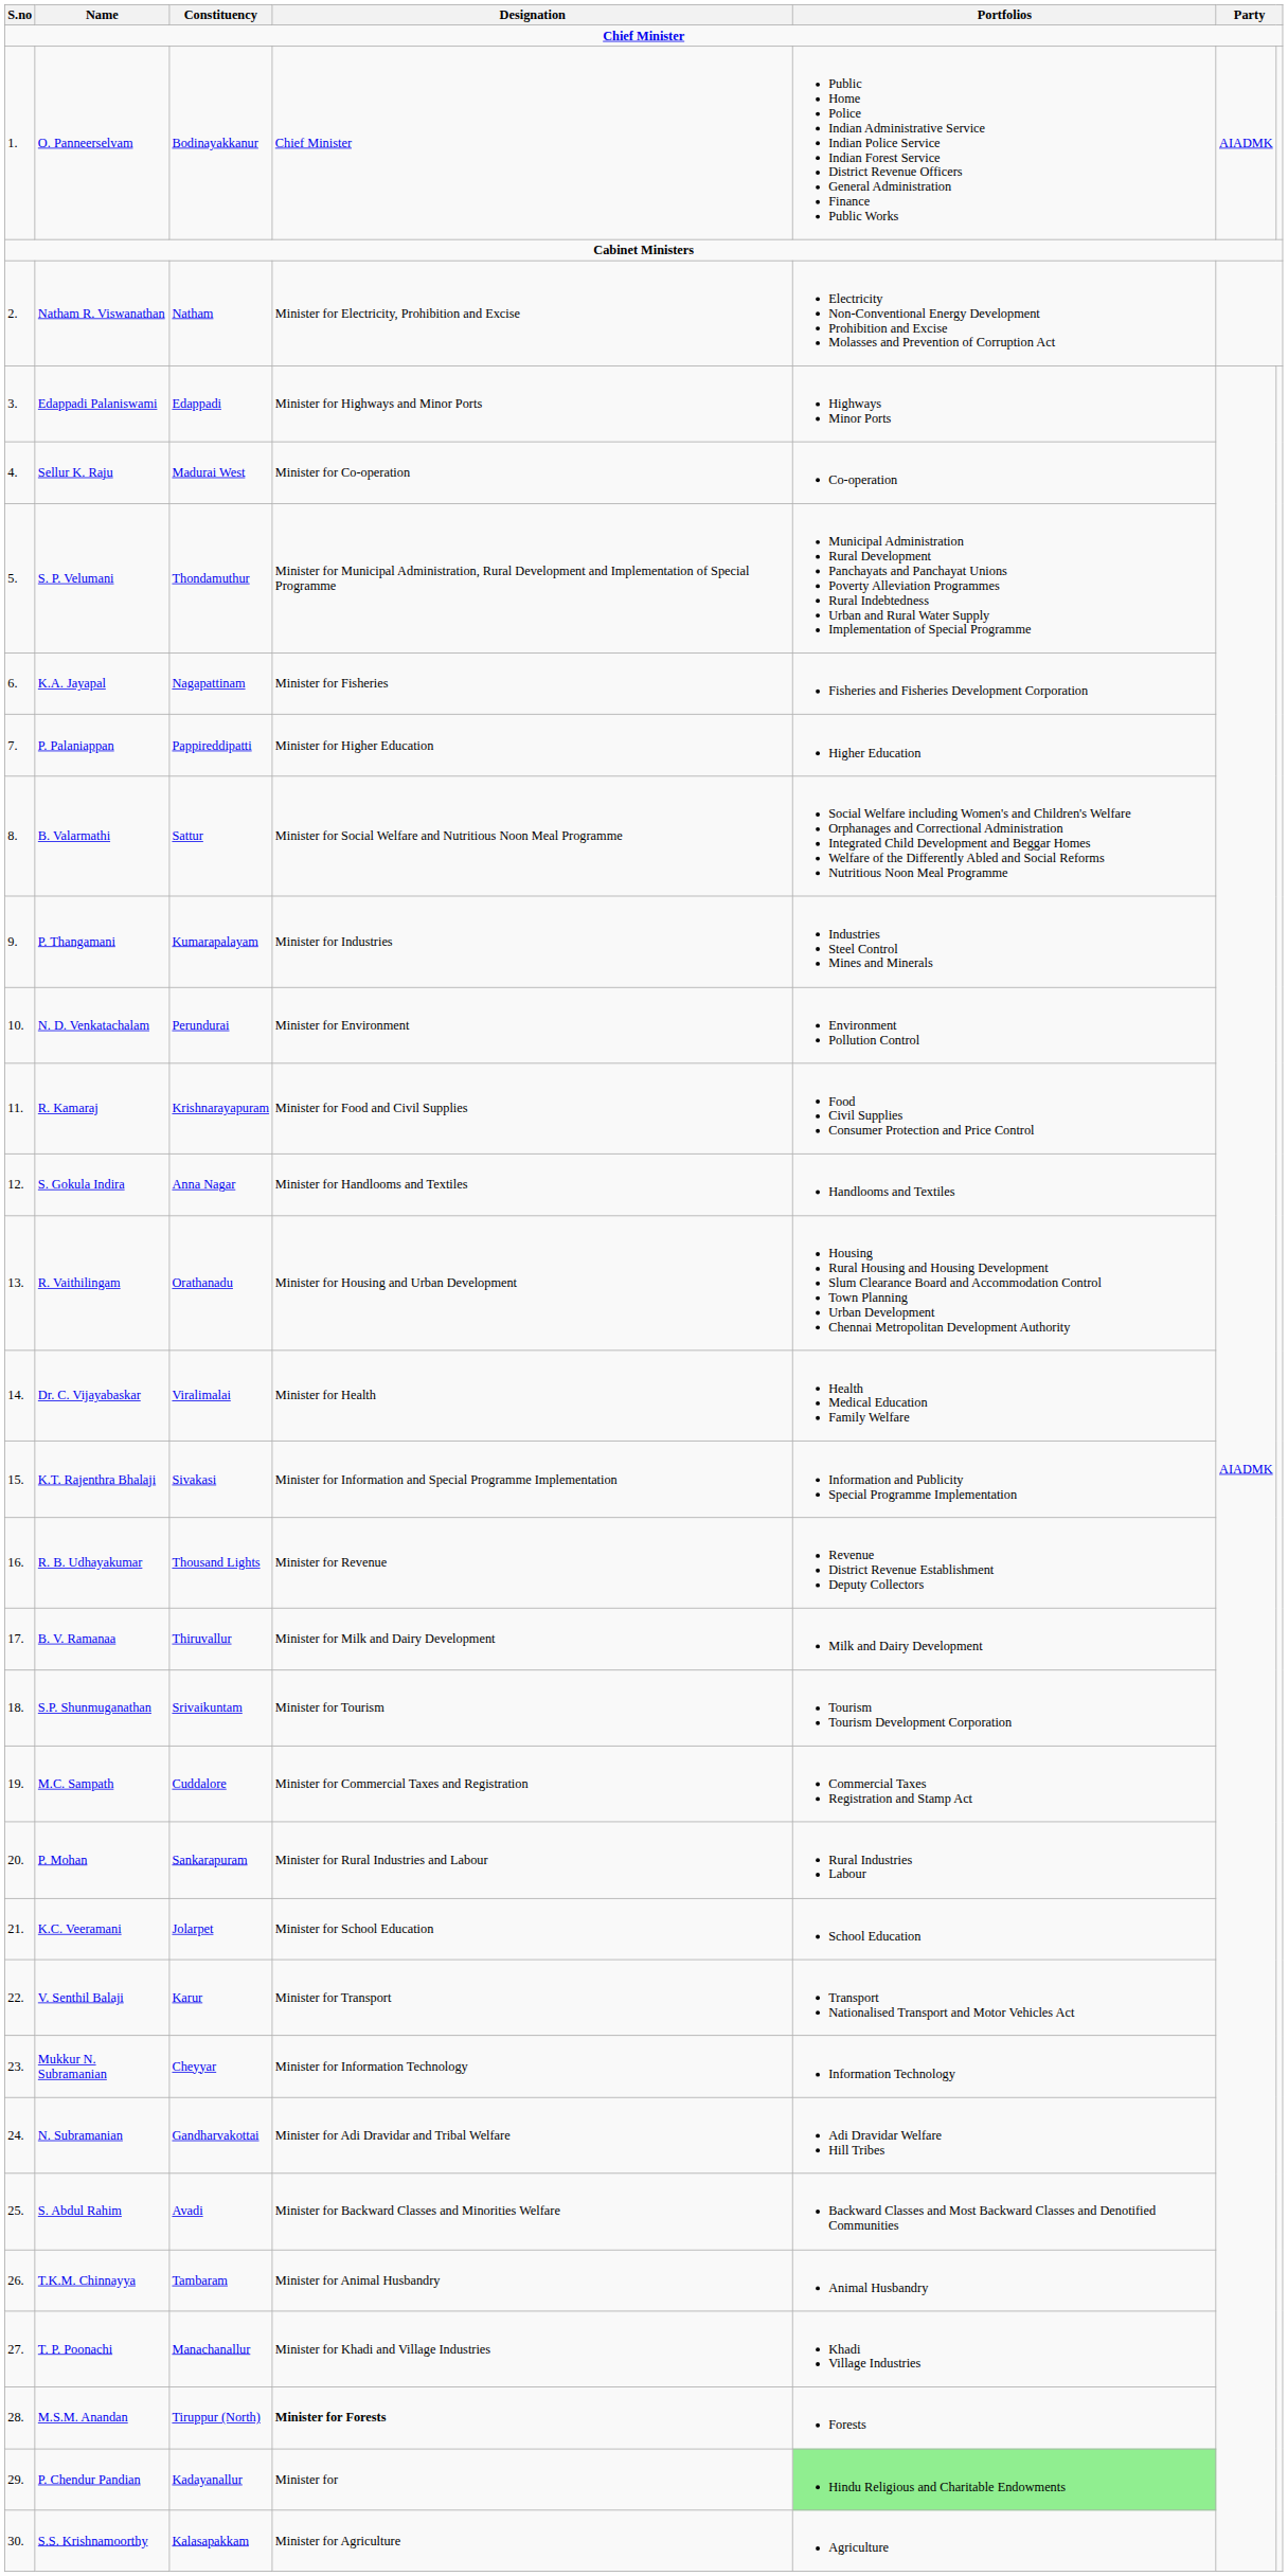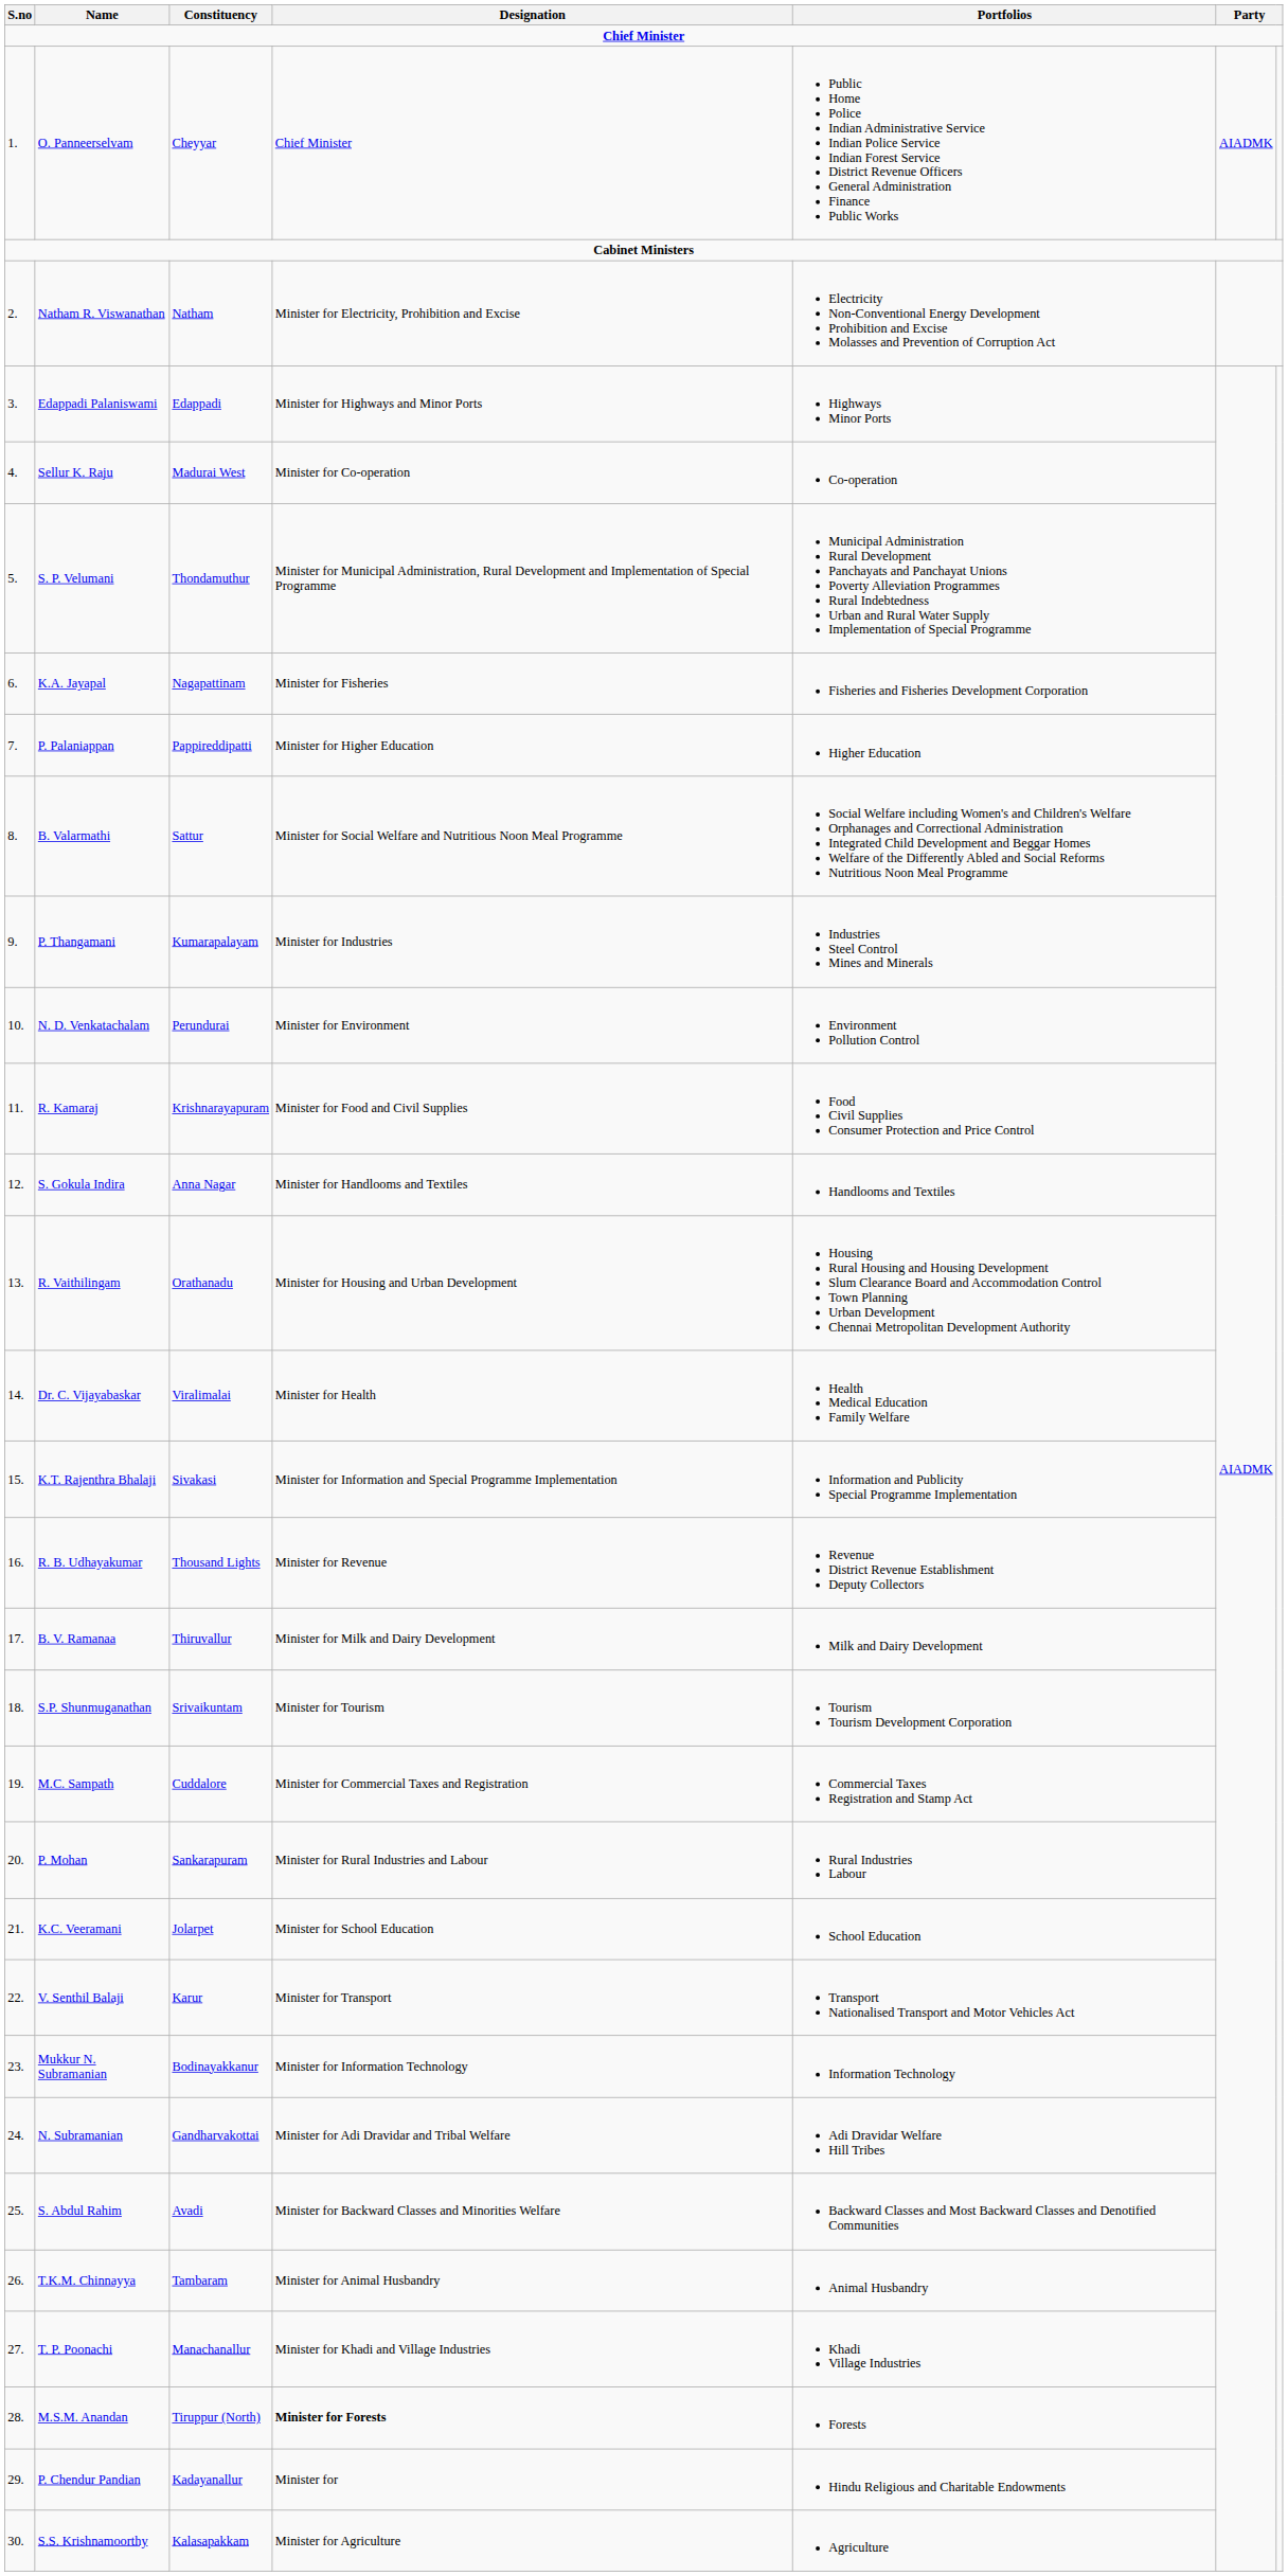 <table class="wikitable">
 <tr>
 <th>S.no</th>
 <th>Name</th>
 <th>Constituency</th>
 <th>Designation</th>
 <th>Portfolios</th>
 <th colspan="2" scope="col">Party</th>
 </tr>
 <tr>
 <td colspan="7" style="text-align: center;"><strong><a href='#'>Chief Minister</a></strong></td>
 </tr>
 <tr>
 <td>1.</td>
 <td><a href='#'>O. Panneerselvam</a></td>
-<td><a href='#'>Bodinayakkanur</a></td>
+<td><a href='#'>Cheyyar</a></td>
 <td><a href='#'>Chief Minister</a></td>
 <td><br><ul><li>Public</li><li>Home</li><li>Police</li><li>Indian Administrative Service</li><li>Indian Police Service</li><li>Indian Forest Service</li><li>District Revenue Officers</li><li>General Administration</li><li>Finance</li><li>Public Works</li></ul></td>
 <td><a href='#'>AIADMK</a></td>
 <td width="1px" style="background-color: "></td>
 </tr>
 <tr>
 <td colspan="7" style="text-align: center;"><strong>Cabinet Ministers</strong></td>
 </tr>
 <tr>
 <td>2.</td>
 <td><a href='#'>Natham R. Viswanathan</a></td>
 <td><a href='#'>Natham</a></td>
 <td>Minister for Electricity, Prohibition and Excise</td>
 <td><br><ul><li>Electricity</li><li>Non-Conventional Energy Development</li><li>Prohibition and Excise</li><li>Molasses and Prevention of Corruption Act</li></ul></td>
 </tr>
 <tr>
 <td>3.</td>
 <td><a href='#'>Edappadi Palaniswami</a></td>
 <td><a href='#'>Edappadi</a></td>
 <td>Minister for Highways and Minor Ports</td>
 <td><br><ul><li>Highways</li><li>Minor Ports</li></ul></td>
 <td rowspan="32"><a href='#'>AIADMK</a></td>
 <td rowspan="32" width="1px" style="background-color: "></td>
 </tr>
 <tr>
 <td>4.</td>
 <td><a href='#'>Sellur K. Raju</a></td>
 <td><a href='#'>Madurai West</a></td>
 <td>Minister for Co-operation</td>
 <td><br><ul><li>Co-operation</li></ul></td>
 </tr>
 <tr>
 <td>5.</td>
 <td><a href='#'>S. P. Velumani</a></td>
 <td><a href='#'>Thondamuthur</a></td>
 <td>Minister for Municipal Administration, Rural Development and Implementation of Special Programme</td>
 <td><br><ul><li>Municipal Administration</li><li>Rural Development</li><li>Panchayats and Panchayat Unions</li><li>Poverty Alleviation Programmes</li><li>Rural Indebtedness</li><li>Urban and Rural Water Supply</li><li>Implementation of Special Programme</li></ul></td>
 </tr>
 <tr>
 <td>6.</td>
 <td><a href='#'>K.A. Jayapal</a></td>
 <td><a href='#'>Nagapattinam</a></td>
 <td>Minister for Fisheries</td>
 <td><br><ul><li>Fisheries and Fisheries Development Corporation</li></ul></td>
 </tr>
 <tr>
 <td>7.</td>
 <td><a href='#'>P. Palaniappan</a></td>
 <td><a href='#'>Pappireddipatti</a></td>
 <td>Minister for Higher Education</td>
 <td><br><ul><li>Higher Education</li></ul></td>
 </tr>
 <tr>
 <td>8.</td>
 <td><a href='#'>B. Valarmathi</a></td>
 <td><a href='#'>Sattur</a></td>
 <td>Minister for Social Welfare and Nutritious Noon Meal Programme</td>
 <td><br><ul><li>Social Welfare including Women's and Children's Welfare</li><li>Orphanages and Correctional Administration</li><li>Integrated Child Development and Beggar Homes</li><li>Welfare of the Differently Abled and Social Reforms</li><li>Nutritious Noon Meal Programme</li></ul></td>
 </tr>
 <tr>
 <td>9.</td>
 <td><a href='#'>P. Thangamani</a></td>
 <td><a href='#'>Kumarapalayam</a></td>
 <td>Minister for Industries</td>
 <td><br><ul><li>Industries</li><li>Steel Control</li><li>Mines and Minerals</li></ul></td>
 </tr>
 <tr>
 <td>10.</td>
 <td><a href='#'>N. D. Venkatachalam</a></td>
 <td><a href='#'>Perundurai</a></td>
 <td>Minister for Environment</td>
 <td><br><ul><li>Environment</li><li>Pollution Control</li></ul></td>
 </tr>
 <tr>
 <td>11.</td>
 <td><a href='#'>R. Kamaraj</a></td>
 <td><a href='#'>Krishnarayapuram</a></td>
 <td>Minister for Food and Civil Supplies</td>
 <td><br><ul><li>Food</li><li>Civil Supplies</li><li>Consumer Protection and Price Control</li></ul></td>
 </tr>
 <tr>
 <td>12.</td>
 <td><a href='#'>S. Gokula Indira</a></td>
 <td><a href='#'>Anna Nagar</a></td>
 <td>Minister for Handlooms and Textiles</td>
 <td><br><ul><li>Handlooms and Textiles</li></ul></td>
 </tr>
 <tr>
 <td>13.</td>
 <td><a href='#'>R. Vaithilingam</a></td>
 <td><a href='#'>Orathanadu</a></td>
 <td>Minister for Housing and Urban Development</td>
 <td><br><ul><li>Housing</li><li>Rural Housing and Housing Development</li><li>Slum Clearance Board and Accommodation Control</li><li>Town Planning</li><li>Urban Development</li><li>Chennai Metropolitan Development Authority</li></ul></td>
 </tr>
 <tr>
 <td>14.</td>
 <td><a href='#'>Dr. C. Vijayabaskar</a></td>
 <td><a href='#'>Viralimalai</a></td>
 <td>Minister for Health</td>
 <td><br><ul><li>Health</li><li>Medical Education</li><li>Family Welfare</li></ul></td>
 </tr>
 <tr>
 <td>15.</td>
 <td><a href='#'>K.T. Rajenthra Bhalaji</a></td>
 <td><a href='#'>Sivakasi</a></td>
 <td>Minister for Information and Special Programme Implementation</td>
 <td><br><ul><li>Information and Publicity</li><li>Special Programme Implementation</li></ul></td>
 </tr>
 <tr>
 <td>16.</td>
 <td><a href='#'>R. B. Udhayakumar</a></td>
 <td><a href='#'>Thousand Lights</a></td>
 <td>Minister for Revenue</td>
 <td><br><ul><li>Revenue</li><li>District Revenue Establishment</li><li>Deputy Collectors</li></ul></td>
 </tr>
 <tr>
 <td>17.</td>
 <td><a href='#'>B. V. Ramanaa</a></td>
 <td><a href='#'>Thiruvallur</a></td>
 <td>Minister for Milk and Dairy Development</td>
 <td><br><ul><li>Milk and Dairy Development</li></ul></td>
 </tr>
 <tr>
 <td>18.</td>
 <td><a href='#'>S.P. Shunmuganathan</a></td>
 <td><a href='#'>Srivaikuntam</a></td>
 <td>Minister for Tourism</td>
 <td><br><ul><li>Tourism</li><li>Tourism Development Corporation</li></ul></td>
 </tr>
 <tr>
 <td>19.</td>
 <td><a href='#'>M.C. Sampath</a></td>
 <td><a href='#'>Cuddalore</a></td>
 <td>Minister for Commercial Taxes and Registration</td>
 <td><br><ul><li>Commercial Taxes</li><li>Registration and Stamp Act</li></ul></td>
 </tr>
 <tr>
 <td>20.</td>
 <td><a href='#'>P. Mohan</a></td>
 <td><a href='#'>Sankarapuram</a></td>
 <td>Minister for Rural Industries and Labour</td>
 <td><br><ul><li>Rural Industries</li><li>Labour</li></ul></td>
 </tr>
 <tr>
 <td>21.</td>
 <td><a href='#'>K.C. Veeramani</a></td>
 <td><a href='#'>Jolarpet</a></td>
 <td>Minister for School Education</td>
 <td><br><ul><li>School Education</li></ul></td>
 </tr>
 <tr>
 <td>22.</td>
 <td><a href='#'>V. Senthil Balaji</a></td>
 <td><a href='#'>Karur</a></td>
 <td>Minister for Transport</td>
 <td><br><ul><li>Transport</li><li>Nationalised Transport and Motor Vehicles Act</li></ul></td>
 </tr>
 <tr>
 <td>23.</td>
 <td><a href='#'>Mukkur N. Subramanian</a></td>
-<td><a href='#'>Cheyyar</a></td>
+<td><a href='#'>Bodinayakkanur</a></td>
 <td>Minister for Information Technology</td>
 <td><br><ul><li>Information Technology</li></ul></td>
 </tr>
 <tr>
 <td>24.</td>
 <td><a href='#'>N. Subramanian</a></td>
 <td><a href='#'>Gandharvakottai</a></td>
 <td>Minister for Adi Dravidar and Tribal Welfare</td>
 <td><br><ul><li>Adi Dravidar Welfare</li><li>Hill Tribes</li></ul></td>
 </tr>
 <tr>
 <td>25.</td>
 <td><a href='#'>S. Abdul Rahim</a></td>
 <td><a href='#'>Avadi</a></td>
 <td>Minister for Backward Classes and Minorities Welfare</td>
 <td><br><ul><li>Backward Classes and Most Backward Classes and Denotified Communities</li></ul></td>
 </tr>
 <tr>
 <td>26.</td>
 <td><a href='#'>T.K.M. Chinnayya</a></td>
 <td><a href='#'>Tambaram</a></td>
 <td>Minister for Animal Husbandry</td>
 <td><br><ul><li>Animal Husbandry</li></ul></td>
 </tr>
 <tr>
 <td>27.</td>
 <td><a href='#'>T. P. Poonachi</a></td>
 <td><a href='#'>Manachanallur</a></td>
 <td>Minister for Khadi and Village Industries</td>
 <td><br><ul><li>Khadi</li><li>Village Industries</li></ul></td>
 </tr>
 <tr>
 <td>28.</td>
 <td><a href='#'>M.S.M. Anandan</a></td>
 <td><a href='#'>Tiruppur (North)</a></td>
 <td><strong>Minister for Forests</strong></td>
 <td><br><ul><li>Forests</li></ul></td>
 </tr>
 <tr>
 <td>29.</td>
 <td><a href='#'>P. Chendur Pandian</a></td>
 <td><a href='#'>Kadayanallur</a></td>
 <td>Minister for</td>
-<td style="background: lightgreen;"><br><ul><li>Hindu Religious and Charitable Endowments</li></ul></td>
+<td><br><ul><li>Hindu Religious and Charitable Endowments</li></ul></td>
 </tr>
 <tr>
 <td>30.</td>
 <td><a href='#'>S.S. Krishnamoorthy</a></td>
 <td><a href='#'>Kalasapakkam</a></td>
 <td>Minister for Agriculture</td>
 <td><br><ul><li>Agriculture</li></ul></td>
 </tr>
 </table>
